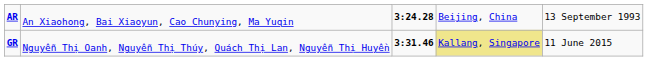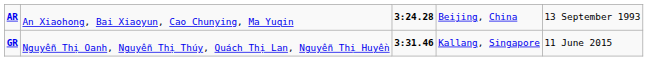 <table class="wikitable" style="font-size:95%; position:relative;">
 <tr>
 <td align=center><strong><a href='#'>AR</a></strong></td>
 <td><br><a href='#'>An Xiaohong</a>, <a href='#'>Bai Xiaoyun</a>, <a href='#'>Cao Chunying</a>, <a href='#'>Ma Yuqin</a></td>
 <td><strong>3:24.28</strong></td>
 <td><a href='#'>Beijing</a>, <a href='#'>China</a></td>
 <td>13 September 1993</td>
 </tr>
 <tr>
 <td align=center><strong><a href='#'>GR</a></strong></td>
 <td><br><a href='#'>Nguyễn Thị Oanh</a>, <a href='#'>Nguyễn Thị Thúy</a>, <a href='#'>Quách Thị Lan</a>, <a href='#'>Nguyễn Thị Huyền</a></td>
 <td><strong>3:31.46</strong></td>
-<td style="background: khaki;"><a href='#'>Kallang</a>, <a href='#'>Singapore</a></td>
+<td><a href='#'>Kallang</a>, <a href='#'>Singapore</a></td>
 <td>11 June 2015</td>
 </tr>
 </table>
